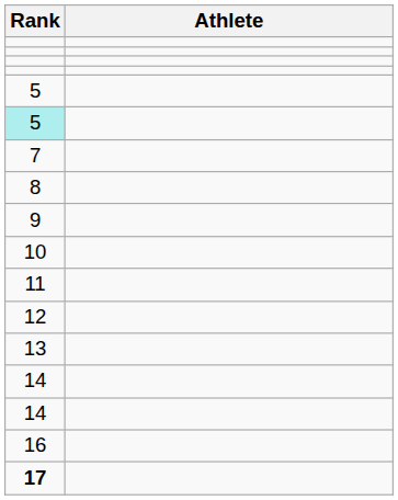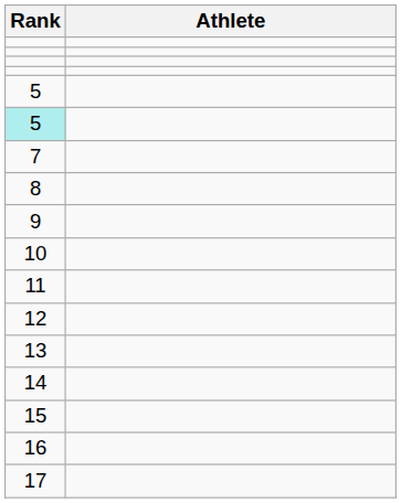 <table class="wikitable" style="text-align: center;">
 <tr>
 <th width=40>Rank</th>
 <th width=250>Athlete</th>
 </tr>
 <tr>
 <td></td>
 <td align="left"></td>
 </tr>
 <tr>
 <td></td>
 <td align="left"></td>
 </tr>
 <tr>
 <td></td>
 <td align="left"></td>
 </tr>
 <tr>
 <td></td>
 <td align="left"></td>
 </tr>
 <tr>
 <td>5</td>
 <td align="left"></td>
 </tr>
 <tr>
 <td style="background: paleturquoise;">5</td>
 <td align="left"></td>
 </tr>
 <tr>
 <td>7</td>
 <td align="left"></td>
 </tr>
 <tr>
 <td>8</td>
 <td align="left"></td>
 </tr>
 <tr>
 <td>9</td>
 <td align="left"></td>
 </tr>
 <tr>
 <td>10</td>
 <td align="left"></td>
 </tr>
 <tr>
 <td>11</td>
 <td align="left"></td>
 </tr>
 <tr>
 <td>12</td>
 <td align="left"></td>
 </tr>
 <tr>
 <td>13</td>
 <td align="left"></td>
 </tr>
 <tr>
 <td>14</td>
 <td align="left"></td>
 </tr>
 <tr>
-<td>14</td>
+<td>15</td>
 <td align="left"></td>
 </tr>
 <tr>
 <td>16</td>
 <td align="left"></td>
 </tr>
 <tr>
-<td><strong>17</strong></td>
+<td>17</td>
 <td align="left"></td>
 </tr>
 </table>
